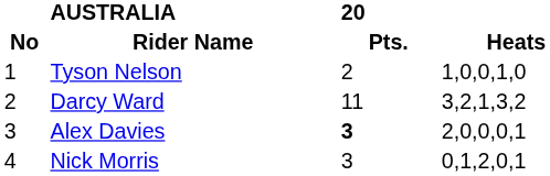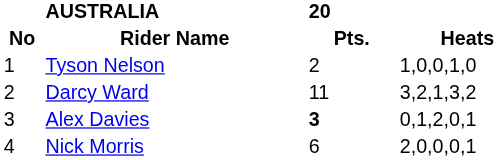 <table class="toccolours">
 <tr>
 <td></td>
 <td><strong>AUSTRALIA</strong></td>
 <td><strong>20</strong></td>
 </tr>
 <tr style="background-color:">
 <th width=30px>No</th>
 <th width=210px>Rider Name</th>
 <th width=70px>Pts.</th>
 <th width=110px>Heats</th>
 </tr>
 <tr style="background-color:">
 <td>1</td>
 <td><a href='#'>Tyson Nelson</a></td>
 <td>2</td>
 <td>1,0,0,1,0</td>
 </tr>
 <tr style="background-color:">
 <td>2</td>
 <td><a href='#'>Darcy Ward</a></td>
 <td>11</td>
 <td>3,2,1,3,2</td>
 </tr>
 <tr style="background-color:">
 <td>3</td>
 <td><a href='#'>Alex Davies</a></td>
 <td><strong>3</strong></td>
-<td>2,0,0,0,1</td>
+<td>0,1,2,0,1</td>
 </tr>
 <tr style="background-color:">
 <td>4</td>
 <td><a href='#'>Nick Morris</a></td>
-<td>3</td>
-<td>0,1,2,0,1</td>
+<td>6</td>
+<td>2,0,0,0,1</td>
 </tr>
 </table>
